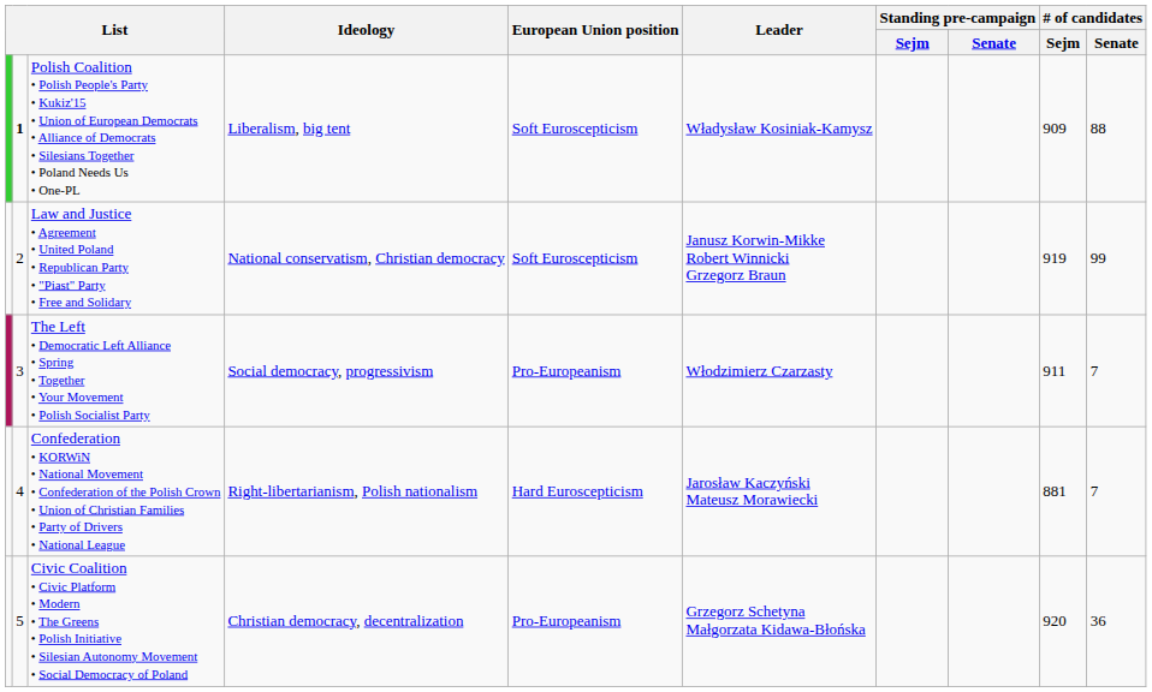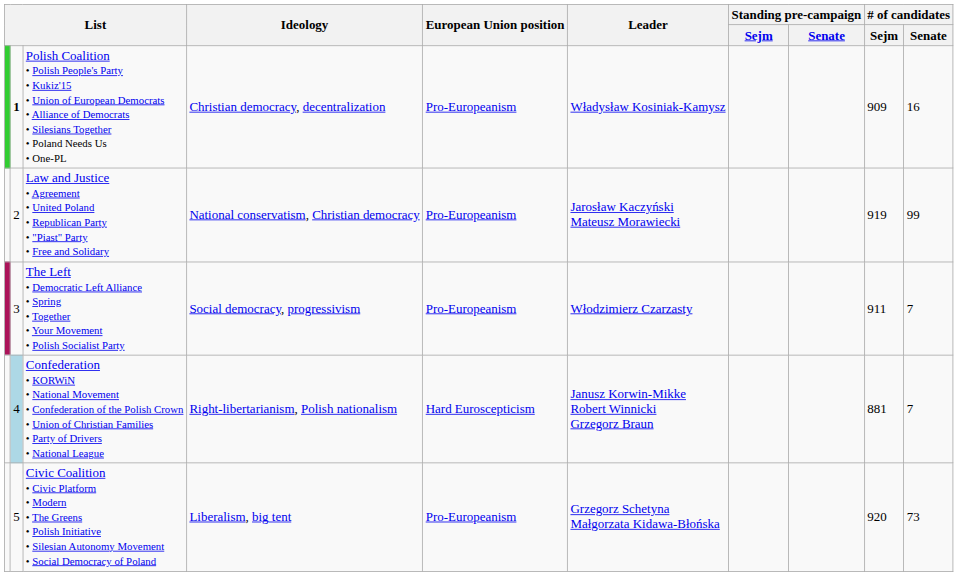 <table class="wikitable">
 <tr>
 <th rowspan="2" colspan=3>List</th>
 <th rowspan="2">Ideology</th>
 <th rowspan="2">European Union position</th>
 <th rowspan="2">Leader</th>
 <th colspan="2">Standing pre-campaign</th>
 <th colspan="2"># of candidates</th>
 </tr>
 <tr>
 <th><a href='#'>Sejm</a></th>
 <th><a href='#'>Senate</a></th>
 <th>Sejm</th>
 <th>Senate</th>
 </tr>
 <tr>
 <td style="background:#32CD32;"></td>
 <td><strong>1</strong></td>
 <td><a href='#'>Polish Coalition</a><br><small>• <a href='#'>Polish People's Party</a><br>• <a href='#'>Kukiz'15</a><br>• <a href='#'>Union of European Democrats</a><br>• <a href='#'>Alliance of Democrats</a><br>• <a href='#'>Silesians Together</a><br>• Poland Needs Us<br>• One-PL</small></td>
-<td><a href='#'>Liberalism</a>, <a href='#'>big tent</a></td>
-<td><a href='#'>Soft Euroscepticism</a></td>
+<td><a href='#'>Christian democracy</a>, <a href='#'>decentralization</a></td>
+<td><a href='#'>Pro-Europeanism</a></td>
 <td><a href='#'>Władysław Kosiniak-Kamysz</a></td>
 <td></td>
 <td></td>
 <td>909</td>
-<td>88</td>
+<td>16</td>
 </tr>
 <tr>
 <td style="background:"></td>
 <td>2</td>
 <td><a href='#'>Law and Justice</a><br><small>• <a href='#'>Agreement</a><br>• <a href='#'>United Poland</a><br>• <a href='#'>Republican Party</a><br>• <a href='#'>"Piast" Party</a><br>• <a href='#'>Free and Solidary</a></small></td>
 <td><a href='#'>National conservatism</a>, <a href='#'>Christian democracy</a></td>
-<td><a href='#'>Soft Euroscepticism</a></td>
-<td><a href='#'>Janusz Korwin-Mikke</a><br><a href='#'>Robert Winnicki</a><br><a href='#'>Grzegorz Braun</a></td>
+<td><a href='#'>Pro-Europeanism</a></td>
+<td><a href='#'>Jarosław Kaczyński</a><br><a href='#'>Mateusz Morawiecki</a></td>
 <td></td>
 <td></td>
 <td>919</td>
 <td>99</td>
 </tr>
 <tr>
 <td style="background:#AC145A;"></td>
 <td>3</td>
 <td><a href='#'>The Left</a><br><small>• <a href='#'>Democratic Left Alliance</a><br>• <a href='#'>Spring</a><br>• <a href='#'>Together</a><br>• <a href='#'>Your Movement</a><br>• <a href='#'>Polish Socialist Party</a><br></small></td>
 <td><a href='#'>Social democracy</a>, <a href='#'>progressivism</a></td>
 <td><a href='#'>Pro-Europeanism</a></td>
 <td><a href='#'>Włodzimierz Czarzasty</a></td>
 <td></td>
 <td></td>
 <td>911</td>
 <td>7</td>
 </tr>
 <tr>
 <td style="background:"></td>
-<td>4</td>
+<td style="background: lightblue;">4</td>
 <td><a href='#'>Confederation</a><br><small>• <a href='#'>KORWiN</a><br>• <a href='#'>National Movement</a><br>• <a href='#'>Confederation of the Polish Crown</a><br>• <a href='#'>Union of Christian Families</a><br>• <a href='#'>Party of Drivers</a><br>• <a href='#'>National League</a></small></td>
 <td><a href='#'>Right-libertarianism</a>, <a href='#'>Polish nationalism</a></td>
 <td><a href='#'>Hard Euroscepticism</a></td>
-<td><a href='#'>Jarosław Kaczyński</a><br><a href='#'>Mateusz Morawiecki</a></td>
+<td><a href='#'>Janusz Korwin-Mikke</a><br><a href='#'>Robert Winnicki</a><br><a href='#'>Grzegorz Braun</a></td>
 <td></td>
 <td></td>
 <td>881</td>
 <td>7</td>
 </tr>
 <tr>
 <td style="background:"></td>
 <td>5</td>
 <td><a href='#'>Civic Coalition</a><br><small>• <a href='#'>Civic Platform</a><br>• <a href='#'>Modern</a><br>• <a href='#'>The Greens</a><br>• <a href='#'>Polish Initiative</a><br>• <a href='#'>Silesian Autonomy Movement</a><br>• <a href='#'>Social Democracy of Poland</a></small></td>
-<td><a href='#'>Christian democracy</a>, <a href='#'>decentralization</a></td>
+<td><a href='#'>Liberalism</a>, <a href='#'>big tent</a></td>
 <td><a href='#'>Pro-Europeanism</a></td>
 <td><a href='#'>Grzegorz Schetyna</a><br><a href='#'>Małgorzata Kidawa-Błońska</a></td>
 <td></td>
 <td></td>
 <td>920</td>
-<td>36</td>
+<td>73</td>
 </tr>
 </table>
